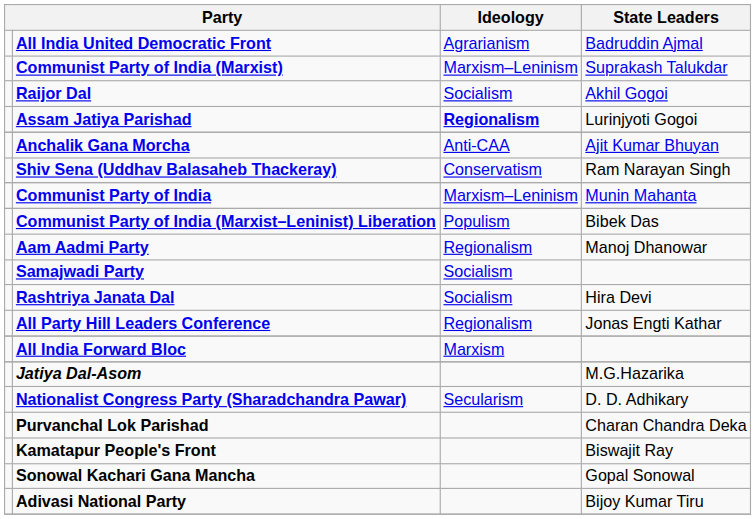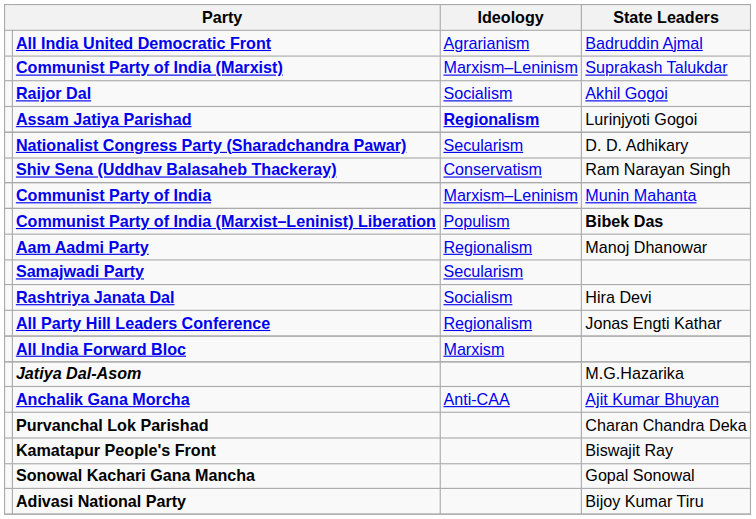 <table class="wikitable" style="font-size:90%">
 <tr>
 <th colspan="2">Party</th>
 <th>Ideology</th>
 <th>State Leaders</th>
 </tr>
 <tr>
 <td></td>
 <td><strong><a href='#'>All India United Democratic Front</a></strong></td>
 <td><a href='#'>Agrarianism</a></td>
 <td><a href='#'>Badruddin Ajmal</a></td>
 </tr>
 <tr>
 <td></td>
 <td><strong><a href='#'>Communist Party of India (Marxist)</a></strong></td>
 <td><a href='#'>Marxism–Leninism</a></td>
 <td><a href='#'>Suprakash Talukdar</a></td>
 </tr>
 <tr>
 <td></td>
 <td><strong><a href='#'>Raijor Dal</a></strong></td>
 <td><a href='#'>Socialism</a></td>
 <td><a href='#'>Akhil Gogoi</a></td>
 </tr>
 <tr>
 <td></td>
 <td><strong><a href='#'>Assam Jatiya Parishad</a></strong></td>
 <td><strong><a href='#'>Regionalism</a></strong></td>
 <td>Lurinjyoti Gogoi</td>
 </tr>
 <tr>
 </tr>
 <tr>
 <td></td>
-<td><strong><a href='#'>Anchalik Gana Morcha</a></strong></td>
-<td><a href='#'>Anti-CAA</a></td>
-<td><a href='#'>Ajit Kumar Bhuyan</a></td>
+<td><a href='#'><strong>Nationalist Congress Party (Sharadchandra Pawar)</strong></a></td>
+<td><a href='#'>Secularism</a></td>
+<td>D. D. Adhikary</td>
 </tr>
 <tr>
 <td></td>
 <td><a href='#'><strong>Shiv Sena (Uddhav Balasaheb Thackeray)</strong></a></td>
 <td><a href='#'>Conservatism</a></td>
 <td>Ram Narayan Singh</td>
 </tr>
 <tr>
 </tr>
 <tr>
 <td></td>
 <td><strong><a href='#'>Communist Party of India</a></strong></td>
 <td><a href='#'>Marxism–Leninism</a></td>
 <td><a href='#'>Munin Mahanta</a></td>
 </tr>
 <tr>
 </tr>
 <tr>
 <td></td>
 <td><strong><a href='#'>Communist Party of India (Marxist–Leninist) Liberation</a></strong></td>
 <td><a href='#'>Populism</a></td>
-<td>Bibek Das</td>
+<td><strong>Bibek Das</strong></td>
 </tr>
 <tr>
 <td></td>
 <td><strong><a href='#'>Aam Aadmi Party</a></strong></td>
 <td><a href='#'>Regionalism</a></td>
 <td>Manoj Dhanowar</td>
 </tr>
 <tr>
 <td></td>
 <td><strong><a href='#'>Samajwadi Party</a></strong></td>
-<td><a href='#'>Socialism</a></td>
+<td><a href='#'>Secularism</a></td>
 <td></td>
 </tr>
 <tr>
 <td></td>
 <td><strong><a href='#'>Rashtriya Janata Dal</a></strong></td>
 <td><a href='#'>Socialism</a></td>
 <td>Hira Devi</td>
 </tr>
 <tr>
 <td></td>
 <td><strong><a href='#'>All Party Hill Leaders Conference</a></strong></td>
 <td><a href='#'>Regionalism</a></td>
 <td>Jonas Engti Kathar</td>
 </tr>
 <tr>
 </tr>
 <tr>
 <td></td>
 <td><strong><a href='#'>All India Forward Bloc</a></strong></td>
 <td><a href='#'>Marxism</a></td>
 <td></td>
 </tr>
 <tr>
 </tr>
 <tr>
 <td></td>
 <td><strong><em>Jatiya Dal-Asom</em></strong></td>
 <td></td>
 <td>M.G.Hazarika</td>
 </tr>
 <tr>
 <td></td>
-<td><a href='#'><strong>Nationalist Congress Party (Sharadchandra Pawar)</strong></a></td>
-<td><a href='#'>Secularism</a></td>
-<td>D. D. Adhikary</td>
+<td><strong><a href='#'>Anchalik Gana Morcha</a></strong></td>
+<td><a href='#'>Anti-CAA</a></td>
+<td><a href='#'>Ajit Kumar Bhuyan</a></td>
 </tr>
 <tr>
 <td></td>
 <td><strong>Purvanchal Lok Parishad</strong></td>
 <td></td>
 <td>Charan Chandra Deka</td>
 </tr>
 <tr>
 <td></td>
 <td><strong>Kamatapur People's Front</strong></td>
 <td></td>
 <td>Biswajit Ray</td>
 </tr>
 <tr>
 <td></td>
 <td><strong>Sonowal Kachari Gana Mancha</strong></td>
 <td></td>
 <td>Gopal Sonowal</td>
 </tr>
 <tr>
 <td></td>
 <td><strong>Adivasi National Party</strong></td>
 <td></td>
 <td>Bijoy Kumar Tiru</td>
 </tr>
 <tr>
 </tr>
 </table>
